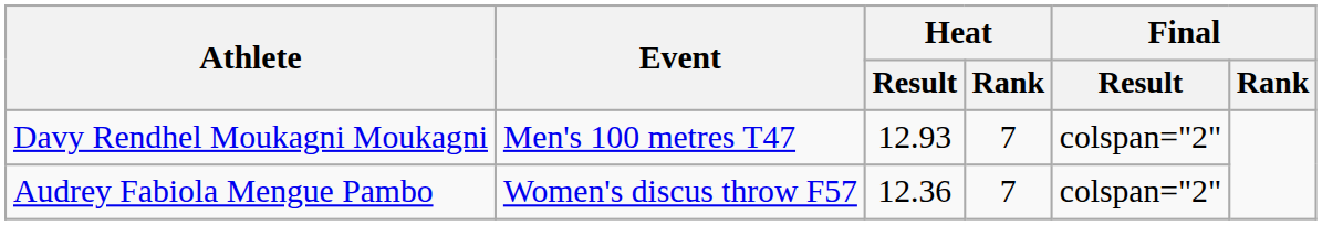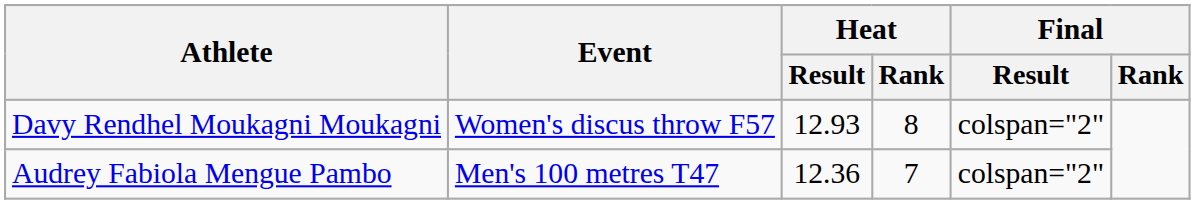 <table class="wikitable" style="text-align: center; font-size:90%">
 <tr>
 <th rowspan="2">Athlete</th>
 <th rowspan="2">Event</th>
 <th colspan="2">Heat</th>
 <th colspan="2">Final</th>
 </tr>
 <tr style="font-size:95%">
 <th>Result</th>
 <th>Rank</th>
 <th>Result</th>
 <th>Rank</th>
 </tr>
 <tr>
 <td align=left><a href='#'>Davy Rendhel Moukagni Moukagni</a></td>
-<td align=left><a href='#'>Men's 100 metres T47</a></td>
+<td align=left><a href='#'>Women's discus throw F57</a></td>
 <td>12.93</td>
-<td>7</td>
+<td>8</td>
 <td>colspan="2" </td>
 </tr>
 <tr>
 <td align=left><a href='#'>Audrey Fabiola Mengue Pambo</a></td>
-<td align=left><a href='#'>Women's discus throw F57</a></td>
+<td align=left><a href='#'>Men's 100 metres T47</a></td>
 <td>12.36</td>
 <td>7</td>
 <td>colspan="2" </td>
 </tr>
 </table>
